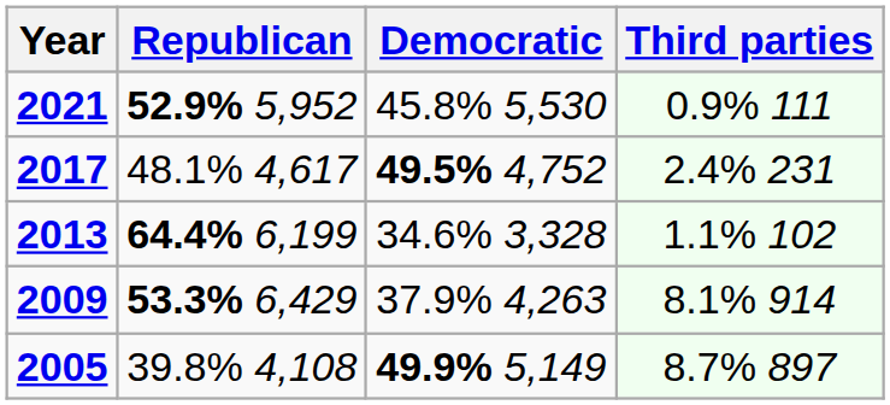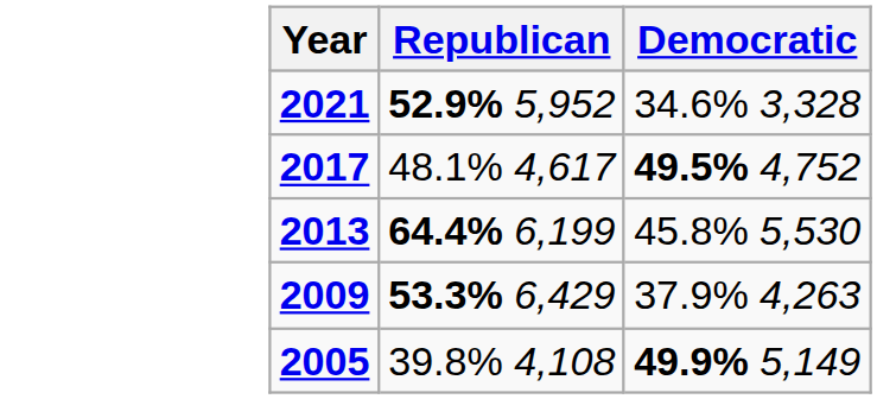 <table class="wikitable" style="float:right; font-size:95%;">
 <tr bgcolor=lightgrey>
 <th>Year</th>
 <th><a href='#'>Republican</a></th>
 <th><a href='#'>Democratic</a></th>
-<th><a href='#'>Third parties</a></th>
 </tr>
 <tr>
 <td style="text-align:center; "><strong><a href='#'>2021</a></strong></td>
 <td style="text-align:center; "><strong>52.9%</strong> <em>5,952</em></td>
-<td style="text-align:center; ">45.8% <em>5,530</em></td>
-<td style="text-align:center; background:honeyDew;">0.9% <em>111</em></td>
+<td style="text-align:center; ">34.6%  <em>3,328</em></td>
 </tr>
 <tr>
 <td style="text-align:center; "><strong><a href='#'>2017</a></strong></td>
 <td style="text-align:center; ">48.1% <em>4,617</em></td>
 <td style="text-align:center; "><strong>49.5%</strong> <em>4,752</em></td>
-<td style="text-align:center; background:honeyDew;">2.4% <em>231</em></td>
 </tr>
 <tr>
 <td style="text-align:center; "><strong><a href='#'>2013</a></strong></td>
 <td style="text-align:center; "><strong>64.4%</strong> <em>6,199</em></td>
-<td style="text-align:center; ">34.6%  <em>3,328</em></td>
-<td style="text-align:center; background:honeyDew;">1.1% <em>102</em></td>
+<td style="text-align:center; ">45.8% <em>5,530</em></td>
 </tr>
 <tr>
 <td style="text-align:center; "><strong><a href='#'>2009</a></strong></td>
 <td style="text-align:center; "><strong>53.3%</strong> <em>6,429</em></td>
 <td style="text-align:center; ">37.9%  <em>4,263</em></td>
-<td style="text-align:center; background:honeyDew;">8.1% <em>914</em></td>
 </tr>
 <tr>
 <td style="text-align:center; "><strong><a href='#'>2005</a></strong></td>
 <td style="text-align:center; ">39.8% <em>4,108</em></td>
 <td style="text-align:center; "><strong>49.9%</strong> <em>5,149</em></td>
-<td style="text-align:center; background:honeyDew;">8.7% <em>897</em></td>
 </tr>
 </table>
